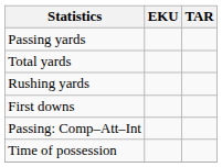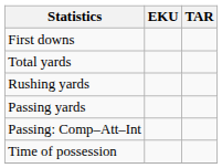 <table class="wikitable" style="float: left;">
 <tr>
 <th>Statistics</th>
 <th>EKU</th>
 <th>TAR</th>
 </tr>
 <tr>
-<td>Passing yards</td>
+<td>First downs</td>
 <td></td>
 <td></td>
 </tr>
 <tr>
 <td>Total yards</td>
 <td></td>
 <td></td>
 </tr>
 <tr>
 <td>Rushing yards</td>
 <td></td>
 <td></td>
 </tr>
 <tr>
-<td>First downs</td>
+<td>Passing yards</td>
 <td></td>
 <td></td>
 </tr>
 <tr>
 <td>Passing: Comp–Att–Int</td>
 <td></td>
 <td></td>
 </tr>
 <tr>
 <td>Time of possession</td>
 <td></td>
 <td></td>
 </tr>
 <tr>
 </tr>
 </table>
